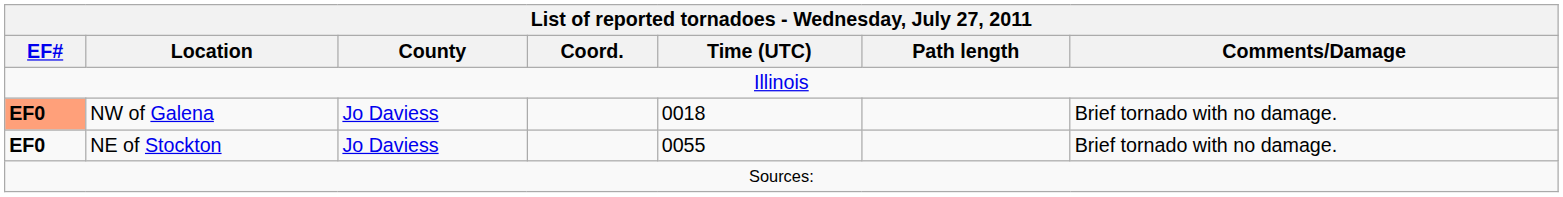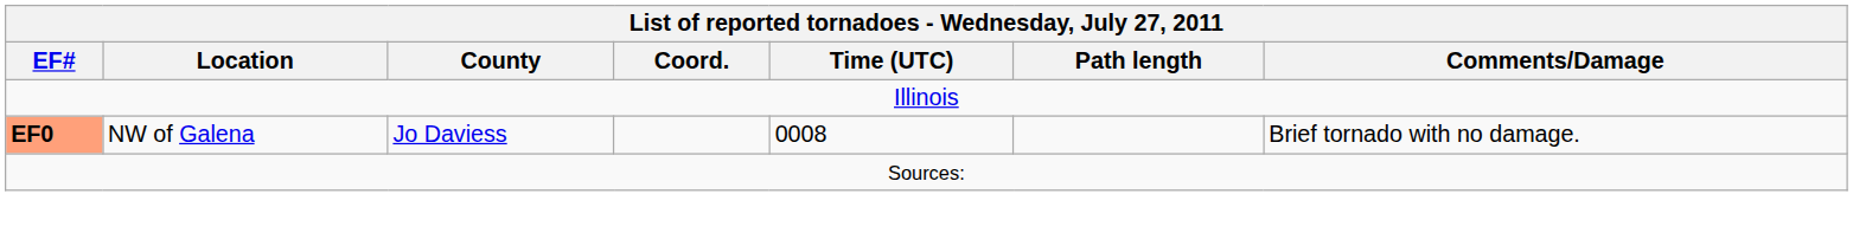 <table class="wikitable collapsible" width="100%">
 <tr>
 <th colspan="7">List of reported tornadoes - Wednesday, July 27, 2011</th>
 </tr>
 <tr>
 <th><a href='#'>EF#</a></th>
 <th>Location</th>
 <th>County</th>
 <th>Coord.</th>
 <th>Time (UTC)</th>
 <th>Path length</th>
 <th>Comments/Damage</th>
 </tr>
 <tr>
 <td colspan="7" align=center><a href='#'>Illinois</a></td>
 </tr>
 <tr>
 <td style="background: lightsalmon;"><strong>EF0</strong></td>
 <td>NW of <a href='#'>Galena</a></td>
 <td><a href='#'>Jo Daviess</a></td>
 <td></td>
-<td>0018</td>
-<td></td>
-<td>Brief tornado with no damage.</td>
-</tr>
-<tr>
-<td><strong>EF0</strong></td>
-<td>NE of <a href='#'>Stockton</a></td>
-<td><a href='#'>Jo Daviess</a></td>
-<td></td>
-<td>0055</td>
+<td>0008</td>
 <td></td>
 <td>Brief tornado with no damage.</td>
 </tr>
 <tr>
 <td colspan="7" align=center><small>Sources: </small></td>
 </tr>
 </table>
